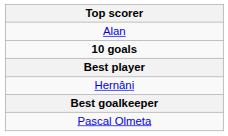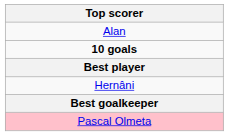 <table class="wikitable" style="margin: 1em auto 1em auto;">
 <tr>
 <th width=300>Top scorer</th>
 </tr>
 <tr align=center style="background:">
 <td style="text-align:center;"> <a href='#'>Alan</a></td>
 </tr>
 <tr>
 <td style="text-align:center;"><strong>10 goals</strong></td>
 </tr>
 <tr>
 <th>Best player</th>
 </tr>
 <tr>
 <td style="text-align:center;"> <a href='#'>Hernâni</a></td>
 </tr>
 <tr>
 <th>Best goalkeeper</th>
 </tr>
 <tr>
-<td style="text-align:center;"> <a href='#'>Pascal Olmeta</a></td>
+<td style="background: pink; text-align:center;"> <a href='#'>Pascal Olmeta</a></td>
 </tr>
 </table>
